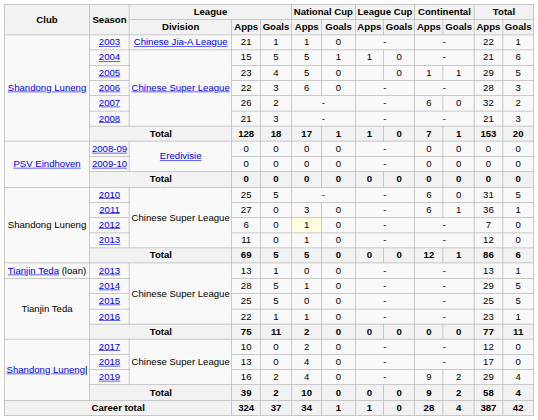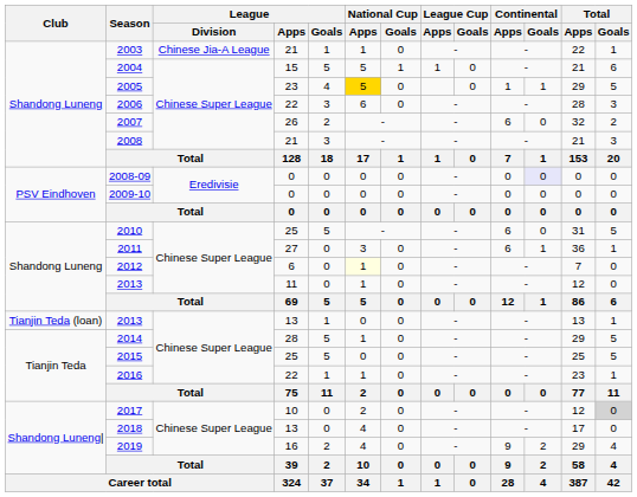 <table class="wikitable" style="text-align: center">
 <tr>
 <th rowspan="2">Club</th>
 <th rowspan="2">Season</th>
 <th colspan="3">League</th>
 <th colspan="2">National Cup</th>
 <th colspan="2">League Cup</th>
 <th colspan="2">Continental</th>
 <th colspan="2">Total</th>
 </tr>
 <tr>
 <th>Division</th>
 <th>Apps</th>
 <th>Goals</th>
 <th>Apps</th>
 <th>Goals</th>
 <th>Apps</th>
 <th>Goals</th>
 <th>Apps</th>
 <th>Goals</th>
 <th>Apps</th>
 <th>Goals</th>
 </tr>
 <tr>
 <td rowspan="7"><a href='#'>Shandong Luneng</a></td>
 <td><a href='#'>2003</a></td>
 <td><a href='#'>Chinese Jia-A League</a></td>
 <td>21</td>
 <td>1</td>
 <td>1</td>
 <td>0</td>
 <td colspan="2">-</td>
 <td colspan="2">-</td>
 <td>22</td>
 <td>1</td>
 </tr>
 <tr>
 <td><a href='#'>2004</a></td>
 <td rowspan="5"><a href='#'>Chinese Super League</a></td>
 <td>15</td>
 <td>5</td>
 <td>5</td>
 <td>1</td>
 <td>1</td>
 <td>0</td>
 <td colspan="2">-</td>
 <td>21</td>
 <td>6</td>
 </tr>
 <tr>
 <td><a href='#'>2005</a></td>
 <td>23</td>
 <td>4</td>
-<td>5</td>
+<td style="background: gold;">5</td>
 <td>0</td>
 <td></td>
 <td>0</td>
 <td>1</td>
 <td>1</td>
 <td>29</td>
 <td>5</td>
 </tr>
 <tr>
 <td><a href='#'>2006</a></td>
 <td>22</td>
 <td>3</td>
 <td>6</td>
 <td>0</td>
 <td colspan="2">-</td>
 <td colspan="2">-</td>
 <td>28</td>
 <td>3</td>
 </tr>
 <tr>
 <td><a href='#'>2007</a></td>
 <td>26</td>
 <td>2</td>
 <td colspan="2">-</td>
 <td colspan="2">-</td>
 <td>6</td>
 <td>0</td>
 <td>32</td>
 <td>2</td>
 </tr>
 <tr>
 <td><a href='#'>2008</a></td>
 <td>21</td>
 <td>3</td>
 <td colspan="2">-</td>
 <td colspan="2">-</td>
 <td colspan="2">-</td>
 <td>21</td>
 <td>3</td>
 </tr>
 <tr>
 <th colspan=2>Total</th>
 <th>128</th>
 <th>18</th>
 <th>17</th>
 <th>1</th>
 <th>1</th>
 <th>0</th>
 <th>7</th>
 <th>1</th>
 <th>153</th>
 <th>20</th>
 </tr>
 <tr>
 <td rowspan="3"><a href='#'>PSV Eindhoven</a></td>
 <td><a href='#'>2008-09</a></td>
 <td rowspan="2"><a href='#'>Eredivisie</a></td>
 <td>0</td>
 <td>0</td>
 <td>0</td>
 <td>0</td>
 <td colspan="2">-</td>
 <td>0</td>
-<td>0</td>
+<td style="background: lavender;">0</td>
 <td>0</td>
 <td>0</td>
 </tr>
 <tr>
 <td><a href='#'>2009-10</a></td>
 <td>0</td>
 <td>0</td>
 <td>0</td>
 <td>0</td>
 <td colspan="2">-</td>
 <td>0</td>
 <td>0</td>
 <td>0</td>
 <td>0</td>
 </tr>
 <tr>
 <th colspan=2>Total</th>
 <th>0</th>
 <th>0</th>
 <th>0</th>
 <th>0</th>
 <th>0</th>
 <th>0</th>
 <th>0</th>
 <th>0</th>
 <th>0</th>
 <th>0</th>
 </tr>
 <tr>
 <td rowspan="5">Shandong Luneng</td>
 <td><a href='#'>2010</a></td>
 <td rowspan="4">Chinese Super League</td>
 <td>25</td>
 <td>5</td>
 <td colspan="2">-</td>
 <td colspan="2">-</td>
 <td>6</td>
 <td>0</td>
 <td>31</td>
 <td>5</td>
 </tr>
 <tr>
 <td><a href='#'>2011</a></td>
 <td>27</td>
 <td>0</td>
 <td>3</td>
 <td>0</td>
 <td colspan="2">-</td>
 <td>6</td>
 <td>1</td>
 <td>36</td>
 <td>1</td>
 </tr>
 <tr>
 <td><a href='#'>2012</a></td>
 <td>6</td>
 <td>0</td>
 <td style="background: lightyellow;">1</td>
 <td>0</td>
 <td colspan="2">-</td>
 <td colspan="2">-</td>
 <td>7</td>
 <td>0</td>
 </tr>
 <tr>
 <td><a href='#'>2013</a></td>
 <td>11</td>
 <td>0</td>
 <td>1</td>
 <td>0</td>
 <td colspan="2">-</td>
 <td colspan="2">-</td>
 <td>12</td>
 <td>0</td>
 </tr>
 <tr>
 <th colspan=2>Total</th>
 <th>69</th>
 <th>5</th>
 <th>5</th>
 <th>0</th>
 <th>0</th>
 <th>0</th>
 <th>12</th>
 <th>1</th>
 <th>86</th>
 <th>6</th>
 </tr>
 <tr>
 <td><a href='#'>Tianjin Teda</a> (loan)</td>
 <td><a href='#'>2013</a></td>
 <td rowspan=4>Chinese Super League</td>
 <td>13</td>
 <td>1</td>
 <td>0</td>
 <td>0</td>
 <td colspan="2">-</td>
 <td colspan="2">-</td>
 <td>13</td>
 <td>1</td>
 </tr>
 <tr>
 <td rowspan=4>Tianjin Teda</td>
 <td><a href='#'>2014</a></td>
 <td>28</td>
 <td>5</td>
 <td>1</td>
 <td>0</td>
 <td colspan="2">-</td>
 <td colspan="2">-</td>
 <td>29</td>
 <td>5</td>
 </tr>
 <tr>
 <td><a href='#'>2015</a></td>
 <td>25</td>
 <td>5</td>
 <td>0</td>
 <td>0</td>
 <td colspan="2">-</td>
 <td colspan="2">-</td>
 <td>25</td>
 <td>5</td>
 </tr>
 <tr>
 <td><a href='#'>2016</a></td>
 <td>22</td>
 <td>1</td>
 <td>1</td>
 <td>0</td>
 <td colspan="2">-</td>
 <td colspan="2">-</td>
 <td>23</td>
 <td>1</td>
 </tr>
 <tr>
 <th colspan=2>Total</th>
 <th>75</th>
 <th>11</th>
 <th>2</th>
 <th>0</th>
 <th>0</th>
 <th>0</th>
 <th>0</th>
 <th>0</th>
 <th>77</th>
 <th>11</th>
 </tr>
 <tr>
 <td rowspan="4"><a href='#'>Shandong Luneng</a>|</td>
 <td><a href='#'>2017</a></td>
 <td rowspan=3>Chinese Super League</td>
 <td>10</td>
 <td>0</td>
 <td>2</td>
 <td>0</td>
 <td colspan="2">-</td>
 <td colspan="2">-</td>
 <td>12</td>
-<td>0</td>
+<td style="background: lightgrey;">0</td>
 </tr>
 <tr>
 <td><a href='#'>2018</a></td>
 <td>13</td>
 <td>0</td>
 <td>4</td>
 <td>0</td>
 <td colspan="2">-</td>
 <td colspan="2">-</td>
 <td>17</td>
 <td>0</td>
 </tr>
 <tr>
 <td><a href='#'>2019</a></td>
 <td>16</td>
 <td>2</td>
 <td>4</td>
 <td>0</td>
 <td colspan="2">-</td>
 <td>9</td>
 <td>2</td>
 <td>29</td>
 <td>4</td>
 </tr>
 <tr>
 <th colspan=2>Total</th>
 <th>39</th>
 <th>2</th>
 <th>10</th>
 <th>0</th>
 <th>0</th>
 <th>0</th>
 <th>9</th>
 <th>2</th>
 <th>58</th>
 <th>4</th>
 </tr>
 <tr>
 <th colspan=3>Career total</th>
 <th>324</th>
 <th>37</th>
 <th>34</th>
 <th>1</th>
 <th>1</th>
 <th>0</th>
 <th>28</th>
 <th>4</th>
 <th>387</th>
 <th>42</th>
 </tr>
 </table>
